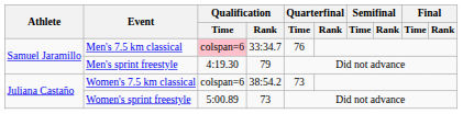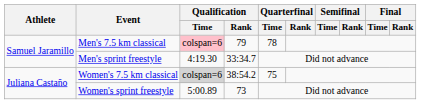 <table class="wikitable" style="font-size:90%">
 <tr>
 <th rowspan="2">Athlete</th>
 <th rowspan="2">Event</th>
 <th colspan="2">Qualification</th>
 <th colspan="2">Quarterfinal</th>
 <th colspan="2">Semifinal</th>
 <th colspan="2">Final</th>
 </tr>
 <tr style="font-size:95%">
 <th>Time</th>
 <th>Rank</th>
 <th>Time</th>
 <th>Rank</th>
 <th>Time</th>
 <th>Rank</th>
 <th>Time</th>
 <th>Rank</th>
 </tr>
 <tr align=center>
 <td align=left rowspan=2><a href='#'>Samuel Jaramillo</a></td>
 <td align=left><a href='#'>Men's 7.5 km classical</a></td>
 <td style="background: pink;">colspan=6</td>
-<td>33:34.7</td>
-<td>76</td>
+<td>79</td>
+<td>78</td>
 </tr>
 <tr align=center>
 <td align=left><a href='#'>Men's sprint freestyle</a></td>
 <td>4:19.30</td>
-<td>79</td>
+<td>33:34.7</td>
 <td colspan=6>Did not advance</td>
 </tr>
 <tr align=center>
 <td align=left rowspan=2><a href='#'>Juliana Castaño</a></td>
 <td align=left><a href='#'>Women's 7.5 km classical</a></td>
-<td>colspan=6</td>
+<td style="background: lightgrey;">colspan=6</td>
 <td>38:54.2</td>
-<td>73</td>
+<td>75</td>
 </tr>
 <tr align=center>
 <td align=left><a href='#'>Women's sprint freestyle</a></td>
 <td>5:00.89</td>
 <td>73</td>
 <td colspan=6>Did not advance</td>
 </tr>
 </table>
